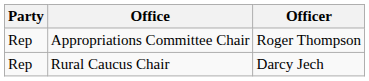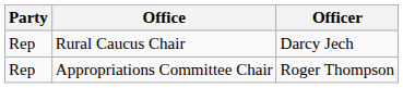 <table class=wikitable>
 <tr>
 <th>Party</th>
 <th>Office</th>
 <th>Officer</th>
 </tr>
 <tr>
 <td style="background: ">Rep</td>
+<td>Rural Caucus Chair</td>
+<td>Darcy Jech</td>
+</tr>
+<tr>
+<td style="background: ">Rep</td>
 <td>Appropriations Committee Chair</td>
 <td>Roger Thompson</td>
 </tr>
-<tr>
-<td style="background: ">Rep</td>
-<td>Rural Caucus Chair</td>
-<td>Darcy Jech</td>
-</tr>
 </table>
